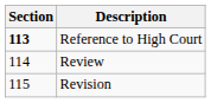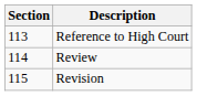 <table class="wikitable">
 <tr>
 <th>Section</th>
 <th>Description</th>
 </tr>
 <tr>
-<td><strong>113</strong></td>
+<td>113</td>
 <td>Reference to High Court</td>
 </tr>
 <tr>
 <td>114</td>
 <td>Review</td>
 </tr>
 <tr>
 <td>115</td>
 <td>Revision</td>
 </tr>
 </table>
